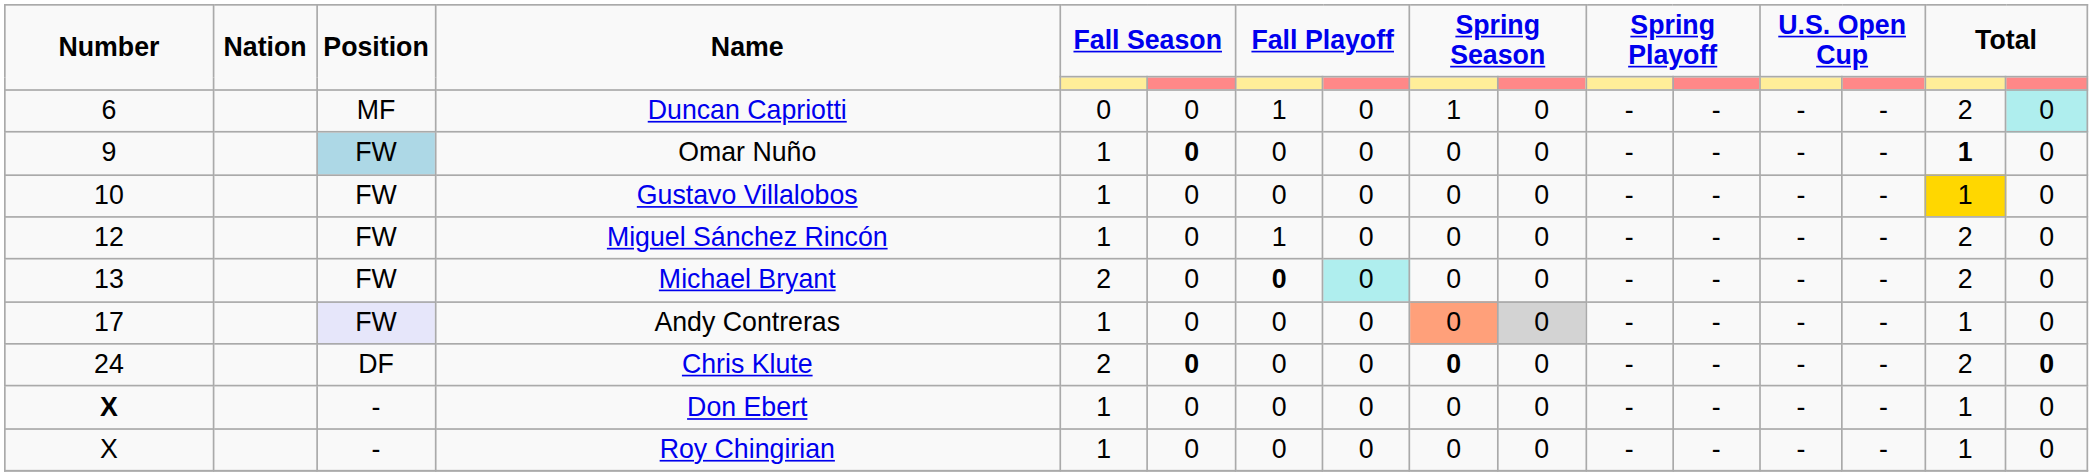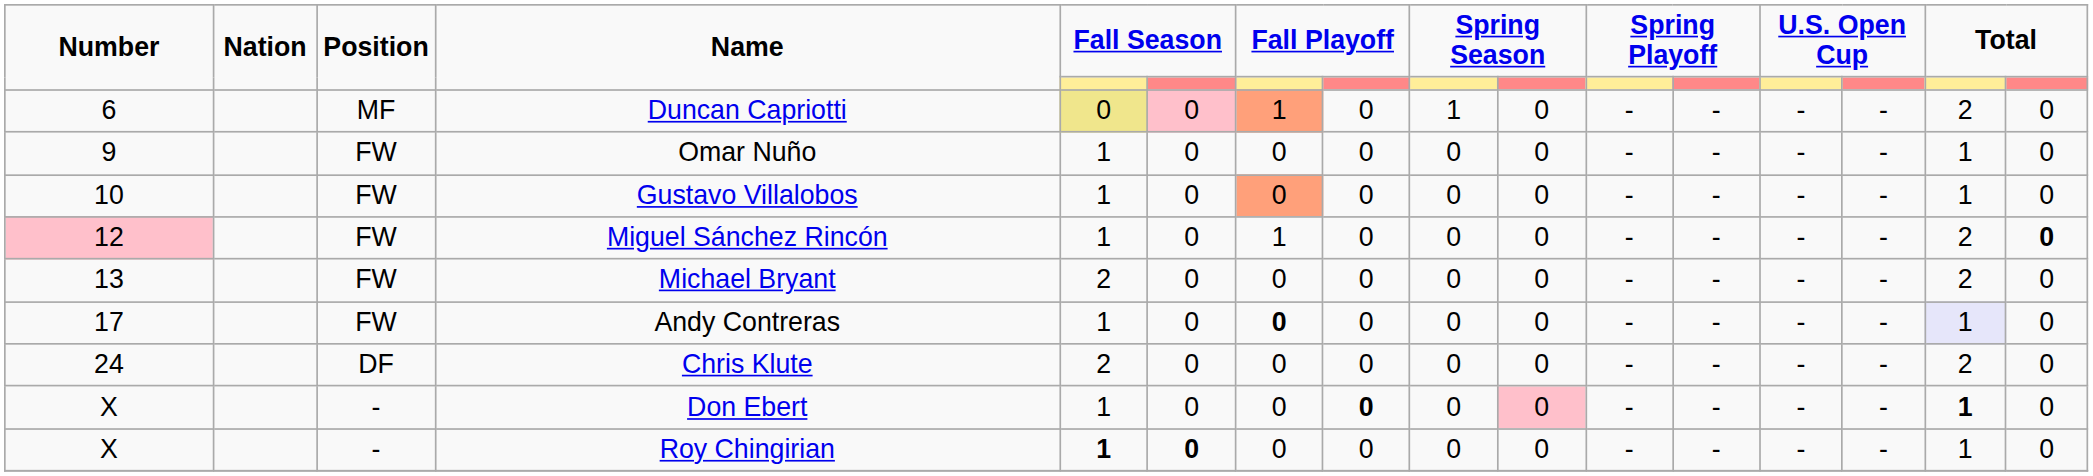 <table class="wikitable" style="text-align:center;">
 <tr>
 <td rowspan="2"  style="width:10%; text-align:center;"><strong>Number</strong></td>
 <td rowspan="2"  style="width:5%; text-align:center;"><strong>Nation</strong></td>
 <td rowspan="2"  style="width:5%; text-align:center;"><strong>Position</strong></td>
 <td rowspan="2"  style="width:30%; text-align:center;"><strong>Name</strong></td>
 <td colspan="2" style="text-align:center;"><strong><a href='#'>Fall Season</a></strong></td>
 <td colspan="2" style="text-align:center;"><strong><a href='#'>Fall Playoff</a></strong></td>
 <td colspan="2" style="text-align:center;"><strong><a href='#'>Spring Season</a></strong></td>
 <td colspan="2" style="text-align:center;"><strong><a href='#'>Spring Playoff</a></strong></td>
 <td colspan="2" style="text-align:center;"><strong><a href='#'>U.S. Open Cup</a></strong></td>
 <td colspan="2" style="text-align:center;"><strong>Total</strong></td>
 </tr>
 <tr>
 <th style="width:60px; background:#fe9;"></th>
 <th style="width:60px; background:#ff8888;"></th>
 <th style="width:60px; background:#fe9;"></th>
 <th style="width:60px; background:#ff8888;"></th>
 <th style="width:60px; background:#fe9;"></th>
 <th style="width:60px; background:#ff8888;"></th>
 <th style="width:60px; background:#fe9;"></th>
 <th style="width:60px; background:#ff8888;"></th>
 <th style="width:60px; background:#fe9;"></th>
 <th style="width:60px; background:#ff8888;"></th>
 <th style="width:60px; background:#fe9;"></th>
 <th style="width:60px; background:#ff8888;"></th>
 </tr>
 <tr>
 <td>6</td>
 <td></td>
 <td>MF</td>
 <td><a href='#'>Duncan Capriotti</a></td>
-<td>0</td>
-<td>0</td>
-<td>1</td>
+<td style="background: khaki;">0</td>
+<td style="background: pink;">0</td>
+<td style="background: lightsalmon;">1</td>
 <td>0</td>
 <td>1</td>
 <td>0</td>
 <td>-</td>
 <td>-</td>
 <td>-</td>
 <td>-</td>
 <td>2</td>
-<td style="background: paleturquoise;">0</td>
+<td>0</td>
 </tr>
 <tr>
 <td>9</td>
 <td></td>
-<td style="background: lightblue;">FW</td>
+<td>FW</td>
 <td>Omar Nuño</td>
-<td>1</td>
-<td><strong>0</strong></td>
-<td>0</td>
-<td>0</td>
-<td>0</td>
-<td>0</td>
-<td>-</td>
-<td>-</td>
-<td>-</td>
-<td>-</td>
-<td><strong>1</strong></td>
-<td>0</td>
-</tr>
-<tr>
-<td>10</td>
-<td></td>
-<td>FW</td>
-<td><a href='#'>Gustavo Villalobos</a></td>
 <td>1</td>
 <td>0</td>
 <td>0</td>
 <td>0</td>
 <td>0</td>
 <td>0</td>
 <td>-</td>
 <td>-</td>
 <td>-</td>
 <td>-</td>
-<td style="background: gold;">1</td>
+<td>1</td>
 <td>0</td>
 </tr>
 <tr>
-<td>12</td>
+<td>10</td>
+<td></td>
+<td>FW</td>
+<td><a href='#'>Gustavo Villalobos</a></td>
+<td>1</td>
+<td>0</td>
+<td style="background: lightsalmon;">0</td>
+<td>0</td>
+<td>0</td>
+<td>0</td>
+<td>-</td>
+<td>-</td>
+<td>-</td>
+<td>-</td>
+<td>1</td>
+<td>0</td>
+</tr>
+<tr>
+<td style="background: pink;">12</td>
 <td></td>
 <td>FW</td>
 <td><a href='#'>Miguel Sánchez Rincón</a></td>
 <td>1</td>
 <td>0</td>
 <td>1</td>
 <td>0</td>
 <td>0</td>
 <td>0</td>
 <td>-</td>
 <td>-</td>
 <td>-</td>
 <td>-</td>
 <td>2</td>
-<td>0</td>
+<td><strong>0</strong></td>
 </tr>
 <tr>
 <td>13</td>
 <td></td>
 <td>FW</td>
 <td><a href='#'>Michael Bryant</a></td>
 <td>2</td>
 <td>0</td>
-<td><strong>0</strong></td>
-<td style="background: paleturquoise;">0</td>
+<td>0</td>
+<td>0</td>
 <td>0</td>
 <td>0</td>
 <td>-</td>
 <td>-</td>
 <td>-</td>
 <td>-</td>
 <td>2</td>
 <td>0</td>
 </tr>
 <tr>
 <td>17</td>
 <td></td>
-<td style="background: lavender;">FW</td>
+<td>FW</td>
 <td>Andy Contreras</td>
 <td>1</td>
 <td>0</td>
+<td><strong>0</strong></td>
 <td>0</td>
 <td>0</td>
-<td style="background: lightsalmon;">0</td>
-<td style="background: lightgrey;">0</td>
+<td>0</td>
 <td>-</td>
 <td>-</td>
 <td>-</td>
 <td>-</td>
-<td>1</td>
+<td style="background: lavender;">1</td>
 <td>0</td>
 </tr>
 <tr>
 <td>24</td>
 <td></td>
 <td>DF</td>
 <td><a href='#'>Chris Klute</a></td>
 <td>2</td>
-<td><strong>0</strong></td>
-<td>0</td>
-<td>0</td>
-<td><strong>0</strong></td>
-<td>0</td>
-<td>-</td>
-<td>-</td>
-<td>-</td>
-<td>-</td>
-<td>2</td>
-<td><strong>0</strong></td>
-</tr>
-<tr>
-<td><strong>X</strong></td>
-<td></td>
-<td>-</td>
-<td><a href='#'>Don Ebert</a></td>
-<td>1</td>
 <td>0</td>
 <td>0</td>
 <td>0</td>
 <td>0</td>
 <td>0</td>
 <td>-</td>
 <td>-</td>
 <td>-</td>
 <td>-</td>
+<td>2</td>
+<td>0</td>
+</tr>
+<tr>
+<td>X</td>
+<td></td>
+<td>-</td>
+<td><a href='#'>Don Ebert</a></td>
 <td>1</td>
+<td>0</td>
+<td>0</td>
+<td><strong>0</strong></td>
+<td>0</td>
+<td style="background: pink;">0</td>
+<td>-</td>
+<td>-</td>
+<td>-</td>
+<td>-</td>
+<td><strong>1</strong></td>
 <td>0</td>
 </tr>
 <tr>
 <td>X</td>
 <td></td>
 <td>-</td>
 <td><a href='#'>Roy Chingirian</a></td>
-<td>1</td>
-<td>0</td>
+<td><strong>1</strong></td>
+<td><strong>0</strong></td>
 <td>0</td>
 <td>0</td>
 <td>0</td>
 <td>0</td>
 <td>-</td>
 <td>-</td>
 <td>-</td>
 <td>-</td>
 <td>1</td>
 <td>0</td>
 </tr>
 <tr>
 </tr>
 </table>
